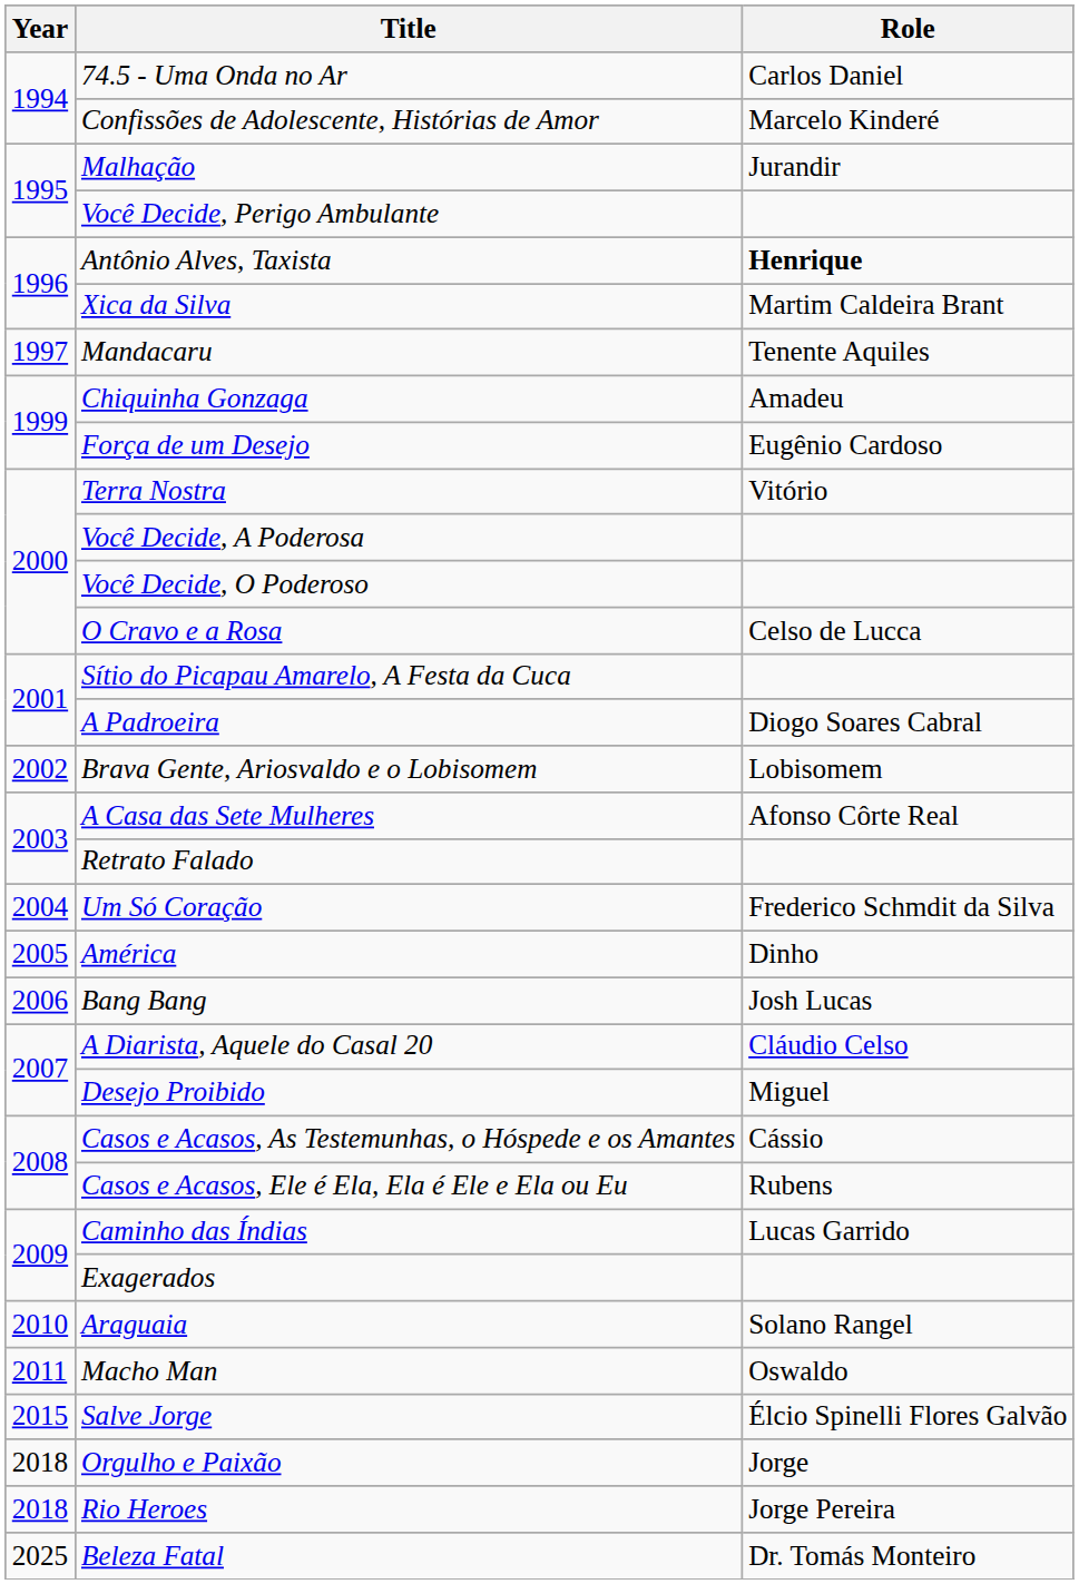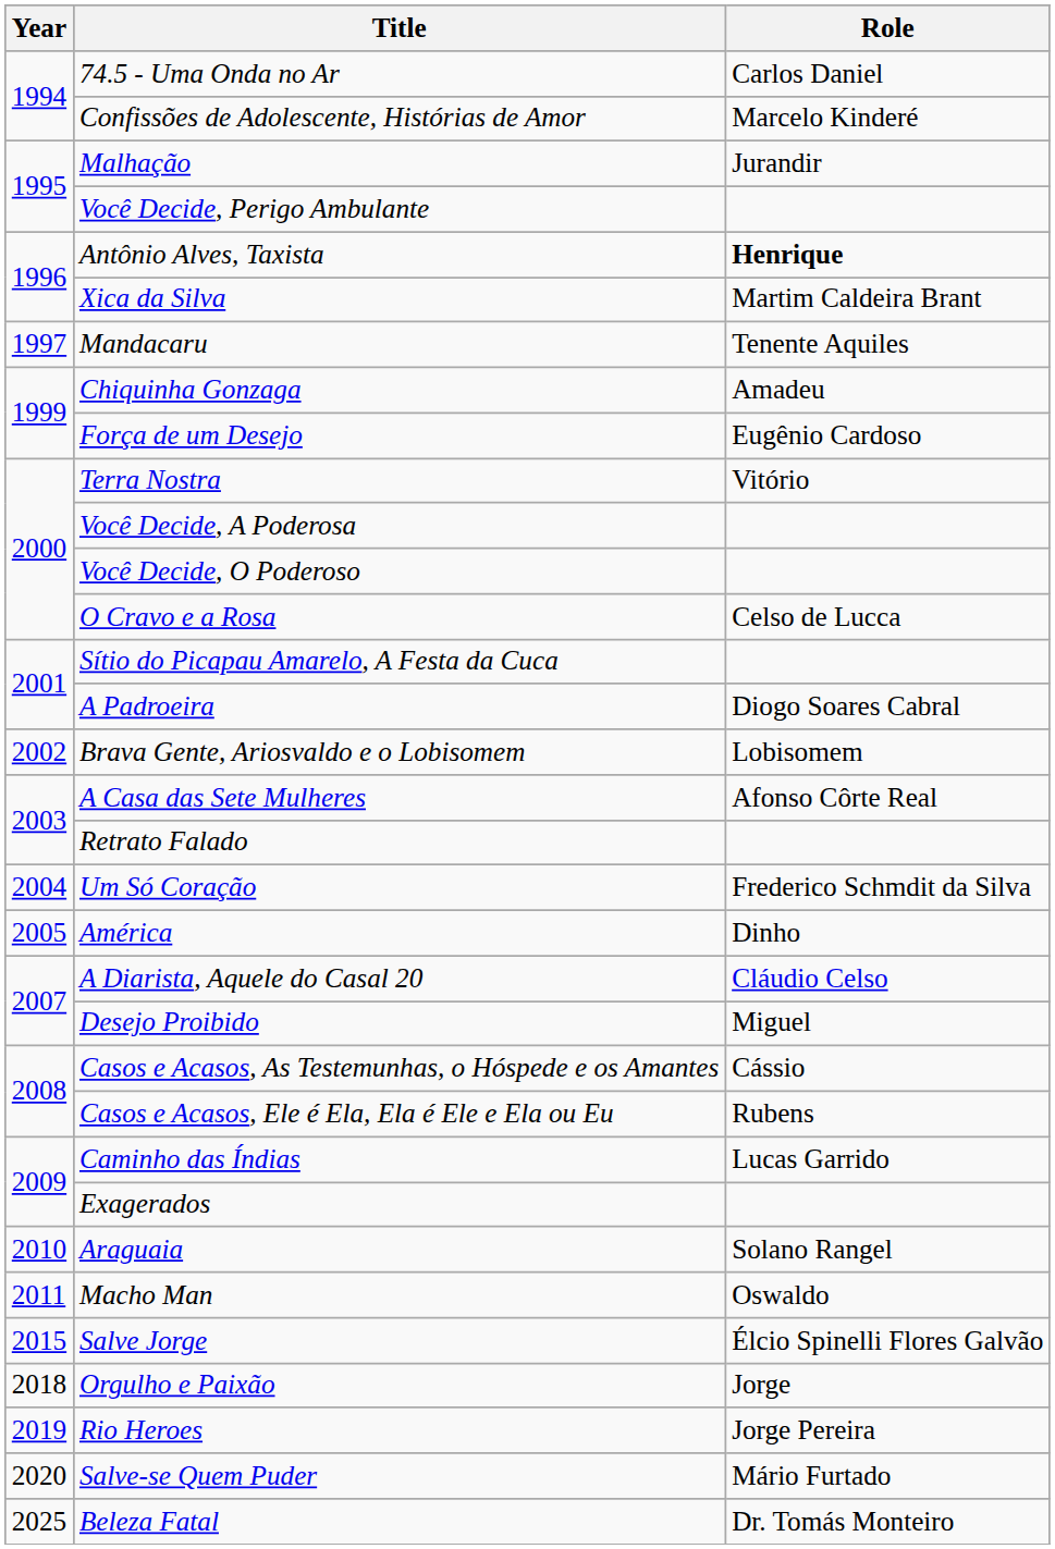 <table class="wikitable" style="font-size: 90%;">
 <tr>
 <th>Year</th>
 <th>Title</th>
 <th>Role</th>
 </tr>
 <tr>
 <td rowspan="2"><a href='#'>1994</a></td>
 <td><em>74.5 - Uma Onda no Ar</em></td>
 <td>Carlos Daniel</td>
 </tr>
 <tr>
 <td><em>Confissões de Adolescente, Histórias de Amor</em></td>
 <td>Marcelo Kinderé</td>
 </tr>
 <tr>
 <td rowspan="2"><a href='#'>1995</a></td>
 <td><em><a href='#'>Malhação</a></em></td>
 <td>Jurandir</td>
 </tr>
 <tr>
 <td><em><a href='#'>Você Decide</a>, Perigo Ambulante</em></td>
 <td></td>
 </tr>
 <tr>
 <td rowspan="2"><a href='#'>1996</a></td>
 <td><em>Antônio Alves, Taxista</em></td>
 <td><strong>Henrique</strong></td>
 </tr>
 <tr>
 <td><em><a href='#'>Xica da Silva</a></em></td>
 <td>Martim Caldeira Brant</td>
 </tr>
 <tr>
 <td><a href='#'>1997</a></td>
 <td><em>Mandacaru</em></td>
 <td>Tenente Aquiles</td>
 </tr>
 <tr>
 <td rowspan="2"><a href='#'>1999</a></td>
 <td><em><a href='#'>Chiquinha Gonzaga</a></em></td>
 <td>Amadeu</td>
 </tr>
 <tr>
 <td><em><a href='#'>Força de um Desejo</a></em></td>
 <td>Eugênio Cardoso</td>
 </tr>
 <tr>
 <td rowspan="4"><a href='#'>2000</a></td>
 <td><em><a href='#'>Terra Nostra</a></em></td>
 <td>Vitório</td>
 </tr>
 <tr>
 <td><em><a href='#'>Você Decide</a>, A Poderosa</em></td>
 <td></td>
 </tr>
 <tr>
 <td><em><a href='#'>Você Decide</a>, O Poderoso</em></td>
 <td></td>
 </tr>
 <tr>
 <td><em><a href='#'>O Cravo e a Rosa</a></em></td>
 <td>Celso de Lucca</td>
 </tr>
 <tr>
 <td rowspan="2"><a href='#'>2001</a></td>
 <td><em><a href='#'>Sítio do Picapau Amarelo</a>, A Festa da Cuca</em></td>
 <td></td>
 </tr>
 <tr>
 <td><em><a href='#'>A Padroeira</a></em></td>
 <td>Diogo Soares Cabral</td>
 </tr>
 <tr>
 <td><a href='#'>2002</a></td>
 <td><em>Brava Gente, Ariosvaldo e o Lobisomem</em></td>
 <td>Lobisomem</td>
 </tr>
 <tr>
 <td rowspan="2"><a href='#'>2003</a></td>
 <td><em><a href='#'>A Casa das Sete Mulheres</a></em></td>
 <td>Afonso Côrte Real</td>
 </tr>
 <tr>
 <td><em>Retrato Falado</em></td>
 <td></td>
 </tr>
 <tr>
 <td><a href='#'>2004</a></td>
 <td><em><a href='#'>Um Só Coração</a></em></td>
 <td>Frederico Schmdit da Silva</td>
 </tr>
 <tr>
 <td><a href='#'>2005</a></td>
 <td><em><a href='#'>América</a></em></td>
 <td>Dinho</td>
 </tr>
 <tr>
-<td><a href='#'>2006</a></td>
-<td><em>Bang Bang</em></td>
-<td>Josh Lucas</td>
-</tr>
-<tr>
 <td rowspan="2"><a href='#'>2007</a></td>
 <td><em><a href='#'>A Diarista</a>, Aquele do Casal 20</em></td>
 <td><a href='#'> Cláudio Celso</a></td>
 </tr>
 <tr>
 <td><em><a href='#'>Desejo Proibido</a></em></td>
 <td>Miguel</td>
 </tr>
 <tr>
 <td rowspan="2"><a href='#'>2008</a></td>
 <td><em><a href='#'>Casos e Acasos</a>, As Testemunhas, o Hóspede e os Amantes</em></td>
 <td>Cássio</td>
 </tr>
 <tr>
 <td><em><a href='#'>Casos e Acasos</a>, Ele é Ela, Ela é Ele e Ela ou Eu</em></td>
 <td>Rubens</td>
 </tr>
 <tr>
 <td rowspan="2"><a href='#'>2009</a></td>
 <td><em><a href='#'>Caminho das Índias</a></em></td>
 <td>Lucas Garrido</td>
 </tr>
 <tr>
 <td><em>Exagerados</em></td>
 <td></td>
 </tr>
 <tr>
 <td><a href='#'>2010</a></td>
 <td><em><a href='#'>Araguaia</a></em></td>
 <td>Solano Rangel</td>
 </tr>
 <tr>
 <td><a href='#'>2011</a></td>
 <td><em>Macho Man</em></td>
 <td>Oswaldo</td>
 </tr>
 <tr>
 <td><a href='#'>2015</a></td>
 <td><em><a href='#'>Salve Jorge</a></em></td>
 <td>Élcio Spinelli Flores Galvão</td>
 </tr>
 <tr>
 <td>2018</td>
 <td><em><a href='#'>Orgulho e Paixão</a></em></td>
 <td>Jorge</td>
 </tr>
 <tr>
-<td><a href='#'>2018</a></td>
+<td><a href='#'>2019</a></td>
 <td><em><a href='#'>Rio Heroes</a></em></td>
 <td>Jorge Pereira</td>
+</tr>
+<tr>
+<td>2020</td>
+<td><em><a href='#'>Salve-se Quem Puder</a></em></td>
+<td>Mário Furtado</td>
 </tr>
 <tr>
 <td>2025</td>
 <td><em><a href='#'>Beleza Fatal</a></em></td>
 <td>Dr. Tomás Monteiro</td>
 </tr>
 <tr>
 </tr>
 </table>
